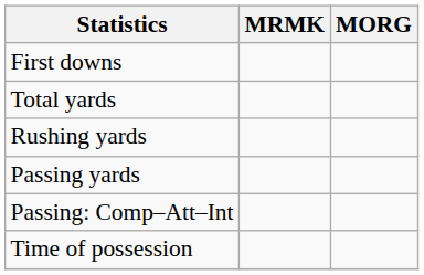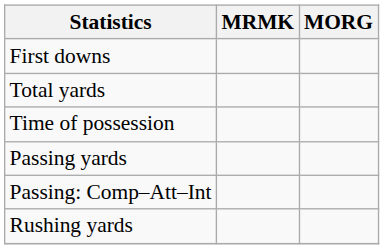 <table class="wikitable" style="float: left;">
 <tr>
 <th>Statistics</th>
 <th>MRMK</th>
 <th>MORG</th>
 </tr>
 <tr>
 <td>First downs</td>
 <td></td>
 <td></td>
 </tr>
 <tr>
 <td>Total yards</td>
 <td></td>
 <td></td>
 </tr>
 <tr>
-<td>Rushing yards</td>
+<td>Time of possession</td>
 <td></td>
 <td></td>
 </tr>
 <tr>
 <td>Passing yards</td>
 <td></td>
 <td></td>
 </tr>
 <tr>
 <td>Passing: Comp–Att–Int</td>
 <td></td>
 <td></td>
 </tr>
 <tr>
-<td>Time of possession</td>
+<td>Rushing yards</td>
 <td></td>
 <td></td>
 </tr>
 <tr>
 </tr>
 </table>
